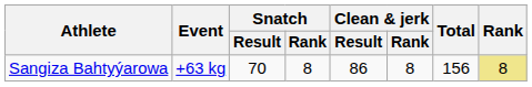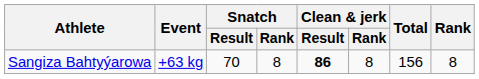 <table class="wikitable" style="font-size:90%">
 <tr>
 <th rowspan="2">Athlete</th>
 <th rowspan="2">Event</th>
 <th colspan="2">Snatch</th>
 <th colspan="2">Clean & jerk</th>
 <th rowspan="2">Total</th>
 <th rowspan="2">Rank</th>
 </tr>
 <tr style="font-size:95%">
 <th>Result</th>
 <th>Rank</th>
 <th>Result</th>
 <th>Rank</th>
 </tr>
 <tr align=center>
 <td align=left><a href='#'>Sangiza Bahtyýarowa</a></td>
 <td align=left><a href='#'>+63 kg</a></td>
 <td>70</td>
 <td>8</td>
-<td>86</td>
+<td><strong>86</strong></td>
 <td>8</td>
 <td>156</td>
-<td style="background: khaki;">8</td>
+<td>8</td>
 </tr>
 </table>
